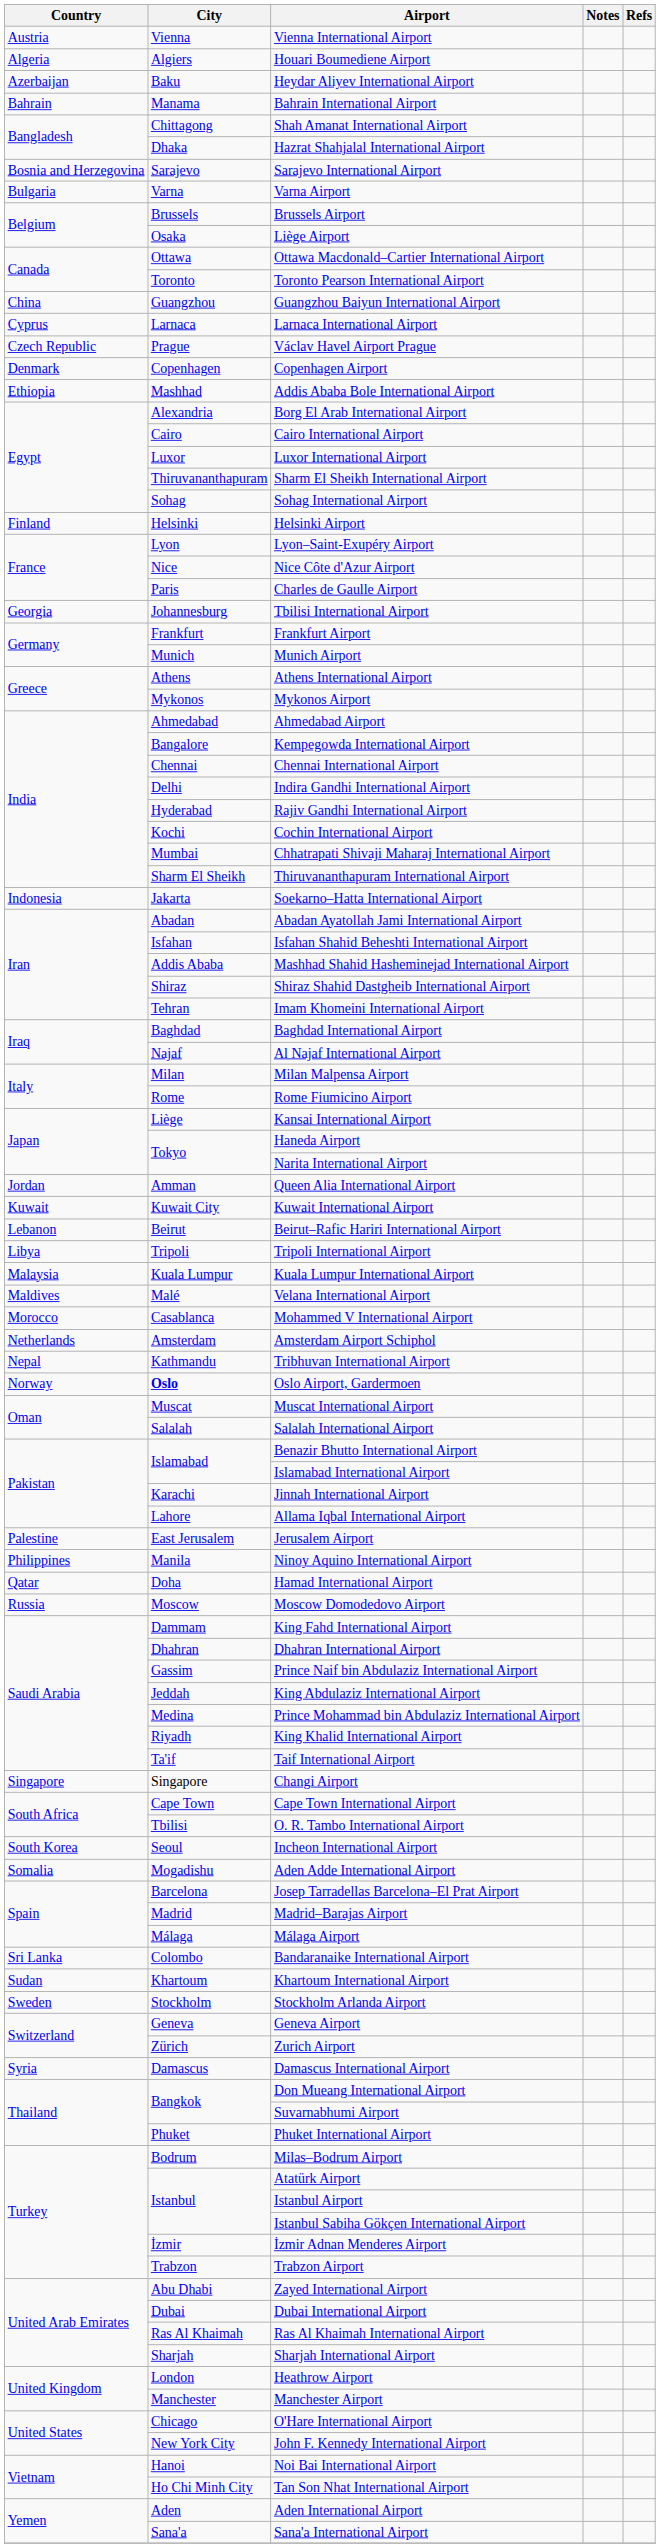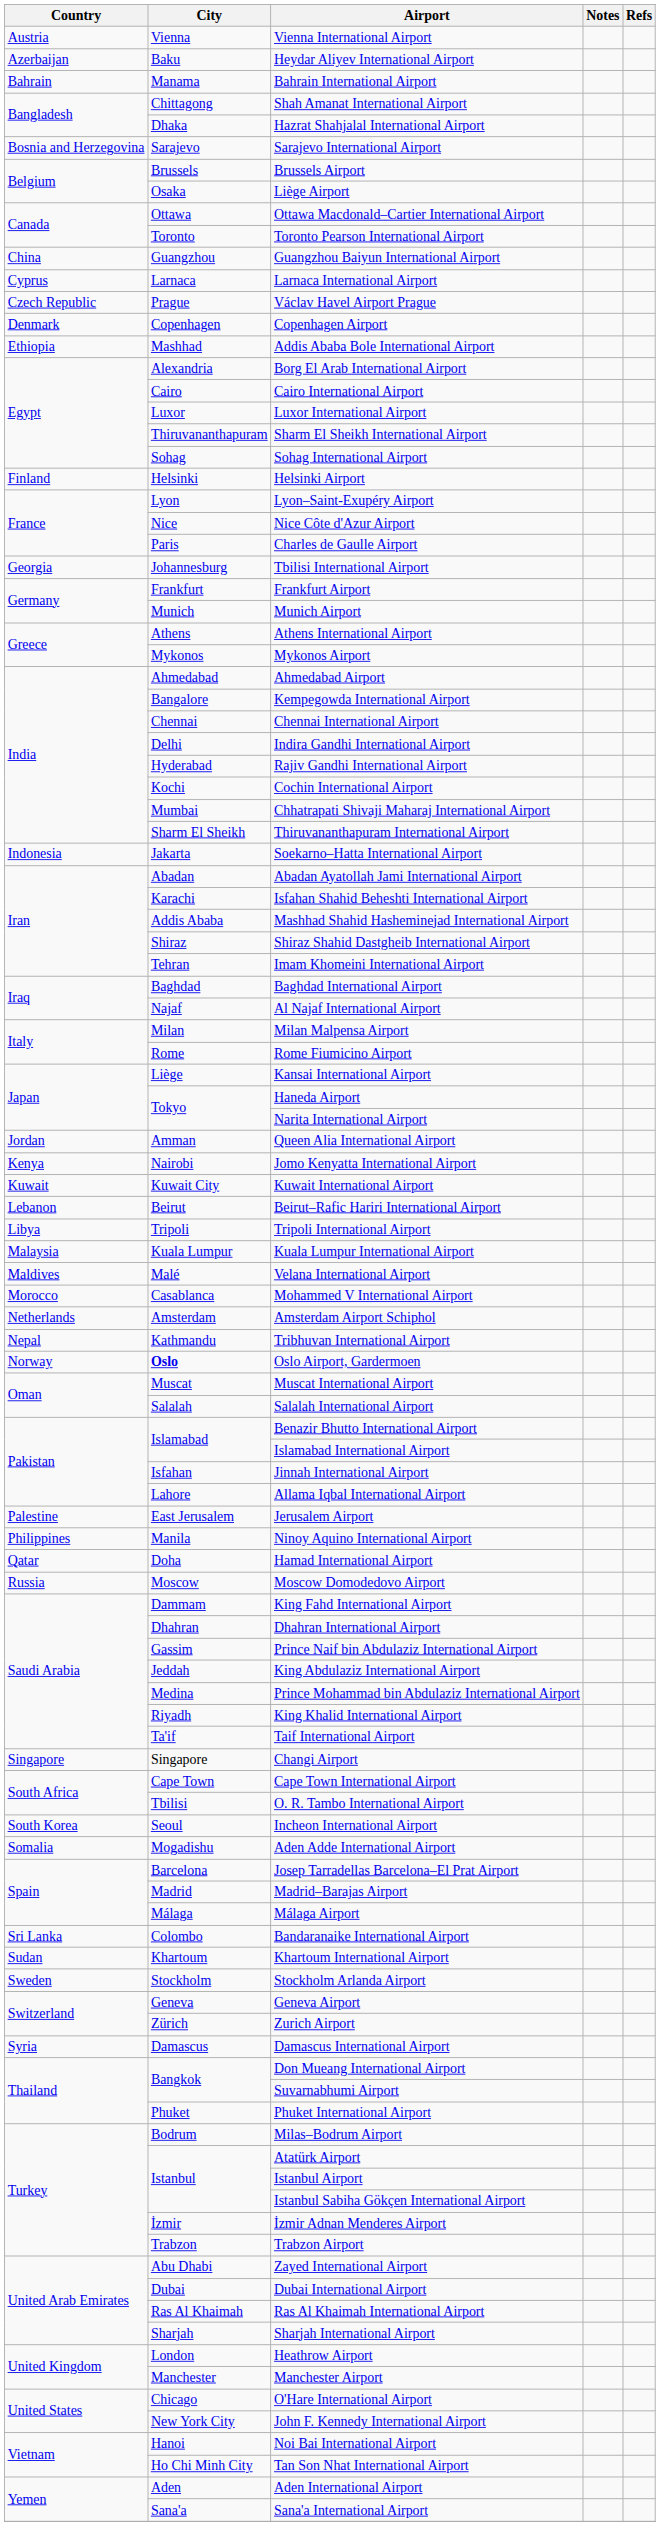 <table class="wikitable sortable">
 <tr>
 <th>Country</th>
 <th>City</th>
 <th>Airport</th>
 <th>Notes</th>
 <th class="unsortable">Refs</th>
 </tr>
 <tr>
 <td><a href='#'>Austria</a></td>
 <td><a href='#'>Vienna</a></td>
 <td><a href='#'>Vienna International Airport</a></td>
-<td></td>
-<td align=center></td>
-</tr>
-<tr>
-<td><a href='#'>Algeria</a></td>
-<td><a href='#'>Algiers</a></td>
-<td><a href='#'>Houari Boumediene Airport</a></td>
 <td></td>
 <td align=center></td>
 </tr>
 <tr>
 <td><a href='#'>Azerbaijan</a></td>
 <td><a href='#'>Baku</a></td>
 <td><a href='#'>Heydar Aliyev International Airport</a></td>
 <td align=center></td>
 <td align=center></td>
 </tr>
 <tr>
 <td><a href='#'>Bahrain</a></td>
 <td><a href='#'>Manama</a></td>
 <td><a href='#'>Bahrain International Airport</a></td>
 <td align=center></td>
 <td align=center></td>
 </tr>
 <tr>
 <td rowspan="2"><a href='#'>Bangladesh</a></td>
 <td><a href='#'>Chittagong</a></td>
 <td><a href='#'>Shah Amanat International Airport</a></td>
 <td></td>
 <td align=center></td>
 </tr>
 <tr>
 <td><a href='#'>Dhaka</a></td>
 <td><a href='#'>Hazrat Shahjalal International Airport</a></td>
 <td align=center></td>
 <td align=center></td>
 </tr>
 <tr>
 <td><a href='#'>Bosnia and Herzegovina</a></td>
 <td><a href='#'>Sarajevo</a></td>
 <td><a href='#'>Sarajevo International Airport</a></td>
-<td></td>
-<td align=center></td>
-</tr>
-<tr>
-<td><a href='#'>Bulgaria</a></td>
-<td><a href='#'>Varna</a></td>
-<td><a href='#'>Varna Airport</a></td>
 <td></td>
 <td align=center></td>
 </tr>
 <tr>
 <td rowspan="2"><a href='#'>Belgium</a></td>
 <td><a href='#'>Brussels</a></td>
 <td><a href='#'>Brussels Airport</a></td>
 <td></td>
 <td align=center></td>
 </tr>
 <tr>
 <td><a href='#'>Osaka</a></td>
 <td><a href='#'>Liège Airport</a></td>
 <td></td>
 <td align=center></td>
 </tr>
 <tr>
 <td rowspan="2"><a href='#'>Canada</a></td>
 <td><a href='#'>Ottawa</a></td>
 <td><a href='#'>Ottawa Macdonald–Cartier International Airport</a></td>
 <td></td>
 <td align=center></td>
 </tr>
 <tr>
 <td><a href='#'>Toronto</a></td>
 <td><a href='#'>Toronto Pearson International Airport</a></td>
 <td></td>
 <td align=center></td>
 </tr>
 <tr>
 <td><a href='#'>China</a></td>
 <td><a href='#'>Guangzhou</a></td>
 <td><a href='#'>Guangzhou Baiyun International Airport</a></td>
 <td align=center></td>
 <td align=center></td>
 </tr>
 <tr>
 <td><a href='#'>Cyprus</a></td>
 <td><a href='#'>Larnaca</a></td>
 <td><a href='#'>Larnaca International Airport</a></td>
 <td></td>
 <td align=center></td>
 </tr>
 <tr>
 <td><a href='#'>Czech Republic</a></td>
 <td><a href='#'>Prague</a></td>
 <td><a href='#'>Václav Havel Airport Prague</a></td>
 <td></td>
 <td align=center></td>
 </tr>
 <tr>
 <td><a href='#'>Denmark</a></td>
 <td><a href='#'>Copenhagen</a></td>
 <td><a href='#'>Copenhagen Airport</a></td>
 <td></td>
 <td align=center></td>
 </tr>
 <tr>
 <td><a href='#'>Ethiopia</a></td>
 <td><a href='#'>Mashhad</a></td>
 <td><a href='#'>Addis Ababa Bole International Airport</a></td>
 <td align=center></td>
 <td align=center></td>
 </tr>
 <tr>
 <td rowspan="5"><a href='#'>Egypt</a></td>
 <td><a href='#'>Alexandria</a></td>
 <td><a href='#'>Borg El Arab International Airport</a></td>
 <td></td>
 <td align=center></td>
 </tr>
 <tr>
 <td><a href='#'>Cairo</a></td>
 <td><a href='#'>Cairo International Airport</a></td>
 <td align=center></td>
 <td align=center></td>
 </tr>
 <tr>
 <td><a href='#'>Luxor</a></td>
 <td><a href='#'>Luxor International Airport</a></td>
 <td></td>
 <td align=center></td>
 </tr>
 <tr>
 <td><a href='#'>Thiruvananthapuram</a></td>
 <td><a href='#'>Sharm El Sheikh International Airport</a></td>
 <td></td>
 <td align=center></td>
 </tr>
 <tr>
 <td><a href='#'>Sohag</a></td>
 <td><a href='#'>Sohag International Airport</a></td>
 <td align=center></td>
 <td align=center></td>
 </tr>
 <tr>
 <td><a href='#'>Finland</a></td>
 <td><a href='#'>Helsinki</a></td>
 <td><a href='#'>Helsinki Airport</a></td>
 <td></td>
 <td align=center></td>
 </tr>
 <tr>
 <td rowspan="3"><a href='#'>France</a></td>
 <td><a href='#'>Lyon</a></td>
 <td><a href='#'>Lyon–Saint-Exupéry Airport</a></td>
 <td></td>
 <td align=center></td>
 </tr>
 <tr>
 <td><a href='#'>Nice</a></td>
 <td><a href='#'>Nice Côte d'Azur Airport</a></td>
 <td></td>
 <td align=center></td>
 </tr>
 <tr>
 <td><a href='#'>Paris</a></td>
 <td><a href='#'>Charles de Gaulle  Airport</a></td>
 <td align=center></td>
 <td align=center></td>
 </tr>
 <tr>
 <td><a href='#'>Georgia</a></td>
 <td><a href='#'>Johannesburg</a></td>
 <td><a href='#'>Tbilisi International Airport</a></td>
 <td align=center></td>
 <td align=center></td>
 </tr>
 <tr>
 <td rowspan="2"><a href='#'>Germany</a></td>
 <td><a href='#'>Frankfurt</a></td>
 <td><a href='#'>Frankfurt Airport</a></td>
 <td align=center></td>
 <td align=center></td>
 </tr>
 <tr>
 <td><a href='#'>Munich</a></td>
 <td><a href='#'>Munich Airport</a></td>
 <td align=center></td>
 <td align=center></td>
 </tr>
 <tr>
 <td rowspan="2"><a href='#'>Greece</a></td>
 <td><a href='#'>Athens</a></td>
 <td><a href='#'>Athens International Airport</a></td>
 <td align=center></td>
 <td align=center></td>
 </tr>
 <tr>
 <td><a href='#'>Mykonos</a></td>
 <td><a href='#'>Mykonos Airport</a></td>
 <td></td>
 <td align=center></td>
 </tr>
 <tr>
 <td rowspan="8"><a href='#'>India</a></td>
 <td><a href='#'>Ahmedabad</a></td>
 <td><a href='#'>Ahmedabad Airport</a></td>
 <td align=center></td>
 <td align=center></td>
 </tr>
 <tr>
 <td><a href='#'>Bangalore</a></td>
 <td><a href='#'>Kempegowda International Airport</a></td>
 <td align=center></td>
 <td align=center></td>
 </tr>
 <tr>
 <td><a href='#'>Chennai</a></td>
 <td><a href='#'>Chennai International Airport</a></td>
 <td align=center></td>
 <td align=center></td>
 </tr>
 <tr>
 <td><a href='#'>Delhi</a></td>
 <td><a href='#'>Indira Gandhi International Airport</a></td>
 <td align=center></td>
 <td align=center></td>
 </tr>
 <tr>
 <td><a href='#'>Hyderabad</a></td>
 <td><a href='#'>Rajiv Gandhi International Airport</a></td>
 <td align=center></td>
 <td align=center></td>
 </tr>
 <tr>
 <td><a href='#'>Kochi</a></td>
 <td><a href='#'>Cochin International Airport</a></td>
 <td align=center></td>
 <td align=center></td>
 </tr>
 <tr>
 <td><a href='#'>Mumbai</a></td>
 <td><a href='#'>Chhatrapati Shivaji Maharaj International Airport</a></td>
 <td align=center></td>
 <td align=center></td>
 </tr>
 <tr>
 <td><a href='#'>Sharm El Sheikh</a></td>
 <td><a href='#'>Thiruvananthapuram International Airport</a></td>
 <td align=center></td>
 <td align=center></td>
 </tr>
 <tr>
 <td><a href='#'>Indonesia</a></td>
 <td><a href='#'>Jakarta</a></td>
 <td><a href='#'>Soekarno–Hatta International Airport</a></td>
 <td></td>
 <td align=center></td>
 </tr>
 <tr>
 <td rowspan="5"><a href='#'>Iran</a></td>
 <td><a href='#'>Abadan</a></td>
 <td><a href='#'>Abadan Ayatollah Jami International Airport</a></td>
 <td></td>
 <td align=center></td>
 </tr>
 <tr>
-<td><a href='#'>Isfahan</a></td>
+<td><a href='#'>Karachi</a></td>
 <td><a href='#'>Isfahan Shahid Beheshti International Airport </a></td>
 <td></td>
 <td align=center></td>
 </tr>
 <tr>
 <td><a href='#'>Addis Ababa</a></td>
 <td><a href='#'>Mashhad Shahid Hasheminejad International Airport</a></td>
 <td align=center></td>
 <td align=center></td>
 </tr>
 <tr>
 <td><a href='#'>Shiraz</a></td>
 <td><a href='#'>Shiraz Shahid Dastgheib International Airport</a></td>
 <td align=center></td>
 <td align=center></td>
 </tr>
 <tr>
 <td><a href='#'>Tehran</a></td>
 <td><a href='#'>Imam Khomeini International Airport</a></td>
 <td align=center></td>
 <td align=center></td>
 </tr>
 <tr>
 <td rowspan="2"><a href='#'>Iraq</a></td>
 <td><a href='#'>Baghdad</a></td>
 <td><a href='#'>Baghdad International Airport</a></td>
 <td></td>
 <td align=center></td>
 </tr>
 <tr>
 <td><a href='#'>Najaf</a></td>
 <td><a href='#'>Al Najaf International Airport</a></td>
 <td align=center></td>
 <td align=center></td>
 </tr>
 <tr>
 <td rowspan="2"><a href='#'>Italy</a></td>
 <td><a href='#'>Milan</a></td>
 <td><a href='#'>Milan Malpensa Airport</a></td>
 <td align=center></td>
 <td align=center></td>
 </tr>
 <tr>
 <td><a href='#'>Rome</a></td>
 <td><a href='#'>Rome Fiumicino Airport</a></td>
 <td align=center></td>
 <td align=center></td>
 </tr>
 <tr>
 <td rowspan="3"><a href='#'>Japan</a></td>
 <td><a href='#'>Liège</a></td>
 <td><a href='#'>Kansai International Airport</a></td>
 <td></td>
 <td align=center></td>
 </tr>
 <tr>
 <td rowspan="2"><a href='#'>Tokyo</a></td>
 <td><a href='#'>Haneda Airport</a></td>
 <td></td>
 <td align=center></td>
 </tr>
 <tr>
 <td><a href='#'>Narita International Airport</a></td>
 <td></td>
 <td align=center></td>
 </tr>
 <tr>
 <td><a href='#'>Jordan</a></td>
 <td><a href='#'>Amman</a></td>
 <td><a href='#'>Queen Alia International Airport</a></td>
 <td align=center></td>
 <td align=center></td>
+</tr>
+<tr>
+<td><a href='#'>Kenya</a></td>
+<td><a href='#'>Nairobi</a></td>
+<td><a href='#'>Jomo Kenyatta International Airport</a></td>
+<td></td>
+<td align="center"></td>
 </tr>
 <tr>
 <td><a href='#'>Kuwait</a></td>
 <td><a href='#'>Kuwait City</a></td>
 <td><a href='#'>Kuwait International Airport</a></td>
 <td></td>
 <td align=center></td>
 </tr>
 <tr>
 <td><a href='#'>Lebanon</a></td>
 <td><a href='#'>Beirut</a></td>
 <td><a href='#'>Beirut–Rafic Hariri International Airport</a></td>
 <td align=center></td>
 <td align=center></td>
 </tr>
 <tr>
 <td><a href='#'>Libya</a></td>
 <td><a href='#'>Tripoli</a></td>
 <td><a href='#'>Tripoli International Airport</a></td>
 <td></td>
 <td align=center></td>
 </tr>
 <tr>
 <td><a href='#'>Malaysia</a></td>
 <td><a href='#'>Kuala Lumpur</a></td>
 <td><a href='#'>Kuala Lumpur International Airport</a></td>
 <td align=center></td>
 <td></td>
 </tr>
 <tr>
 <td><a href='#'>Maldives</a></td>
 <td><a href='#'>Malé</a></td>
 <td><a href='#'>Velana International Airport</a></td>
 <td align=center></td>
 <td align=center></td>
 </tr>
 <tr>
 <td><a href='#'>Morocco</a></td>
 <td><a href='#'>Casablanca</a></td>
 <td><a href='#'>Mohammed V International Airport</a></td>
 <td align=center></td>
 <td align=center></td>
 </tr>
 <tr>
 <td><a href='#'>Netherlands</a></td>
 <td><a href='#'>Amsterdam</a></td>
 <td><a href='#'>Amsterdam Airport Schiphol</a></td>
 <td align=center></td>
 <td align=center></td>
 </tr>
 <tr>
 <td><a href='#'>Nepal</a></td>
 <td><a href='#'>Kathmandu</a></td>
 <td><a href='#'>Tribhuvan International Airport</a></td>
 <td align=center></td>
 <td align=center></td>
 </tr>
 <tr>
 <td><a href='#'>Norway</a></td>
 <td><strong><a href='#'>Oslo</a></strong></td>
 <td><a href='#'>Oslo Airport, Gardermoen</a></td>
 <td></td>
 <td align=center></td>
 </tr>
 <tr>
 <td rowspan="2"><a href='#'>Oman</a></td>
 <td><a href='#'>Muscat</a></td>
 <td><a href='#'>Muscat International Airport</a></td>
 <td></td>
 <td align=center></td>
 </tr>
 <tr>
 <td><a href='#'>Salalah</a></td>
 <td><a href='#'>Salalah International Airport</a></td>
 <td></td>
 <td align=center></td>
 </tr>
 <tr>
 <td rowspan="4"><a href='#'>Pakistan</a></td>
 <td rowspan="2"><a href='#'>Islamabad</a></td>
 <td><a href='#'>Benazir Bhutto International Airport</a></td>
 <td></td>
 <td align=center></td>
 </tr>
 <tr>
 <td><a href='#'>Islamabad International Airport</a></td>
 <td align=center></td>
 <td align=center></td>
 </tr>
 <tr>
-<td><a href='#'>Karachi</a></td>
+<td><a href='#'>Isfahan</a></td>
 <td><a href='#'>Jinnah International Airport</a></td>
 <td></td>
 <td align=center></td>
 </tr>
 <tr>
 <td><a href='#'>Lahore</a></td>
 <td><a href='#'>Allama Iqbal International Airport</a></td>
 <td align=center></td>
 <td align=center></td>
 </tr>
 <tr>
 <td><a href='#'>Palestine</a></td>
 <td><a href='#'>East Jerusalem</a></td>
 <td><a href='#'>Jerusalem Airport</a></td>
 <td></td>
 <td align=center></td>
 </tr>
 <tr>
 <td><a href='#'>Philippines</a></td>
 <td><a href='#'>Manila</a></td>
 <td><a href='#'>Ninoy Aquino International Airport</a></td>
 <td align=center></td>
 <td align=center></td>
 </tr>
 <tr>
 <td><a href='#'>Qatar</a></td>
 <td><a href='#'>Doha</a></td>
 <td><a href='#'>Hamad International Airport</a></td>
 <td align=center></td>
 <td align=center></td>
 </tr>
 <tr>
 <td><a href='#'>Russia</a></td>
 <td><a href='#'>Moscow</a></td>
 <td><a href='#'>Moscow Domodedovo Airport</a></td>
 <td></td>
 <td align=center></td>
 </tr>
 <tr>
 <td rowspan="7"><a href='#'>Saudi Arabia</a></td>
 <td><a href='#'>Dammam</a></td>
 <td><a href='#'>King Fahd International Airport</a></td>
 <td align=center></td>
 <td align=center></td>
 </tr>
 <tr>
 <td><a href='#'>Dhahran</a></td>
 <td><a href='#'>Dhahran International Airport</a></td>
 <td></td>
 <td align=center></td>
 </tr>
 <tr>
 <td><a href='#'>Gassim</a></td>
 <td><a href='#'>Prince Naif bin Abdulaziz International Airport</a></td>
 <td></td>
 <td align=center></td>
 </tr>
 <tr>
 <td><a href='#'>Jeddah</a></td>
 <td><a href='#'>King Abdulaziz International Airport</a></td>
 <td align=center></td>
 <td align=center></td>
 </tr>
 <tr>
 <td><a href='#'>Medina</a></td>
 <td><a href='#'>Prince Mohammad bin Abdulaziz International Airport</a></td>
 <td align=center></td>
 <td align=center></td>
 </tr>
 <tr>
 <td><a href='#'>Riyadh</a></td>
 <td><a href='#'>King Khalid International Airport</a></td>
 <td align=center></td>
 <td align=center></td>
 </tr>
 <tr>
 <td><a href='#'>Ta'if</a></td>
 <td><a href='#'>Taif International Airport</a></td>
 <td></td>
 <td align=center></td>
 </tr>
 <tr>
 <td><a href='#'>Singapore</a></td>
 <td>Singapore</td>
 <td><a href='#'>Changi Airport</a></td>
 <td></td>
 <td align=center></td>
 </tr>
 <tr>
 <td rowspan="2"><a href='#'>South Africa</a></td>
 <td><a href='#'>Cape Town</a></td>
 <td><a href='#'>Cape Town International Airport</a></td>
 <td></td>
 <td align=center></td>
 </tr>
 <tr>
 <td><a href='#'>Tbilisi</a></td>
 <td><a href='#'>O. R. Tambo International Airport</a></td>
 <td></td>
 <td align=center></td>
 </tr>
 <tr>
 <td><a href='#'>South Korea</a></td>
 <td><a href='#'>Seoul</a></td>
 <td><a href='#'>Incheon International Airport</a></td>
 <td></td>
 <td align=center></td>
 </tr>
 <tr>
 <td><a href='#'>Somalia</a></td>
 <td><a href='#'>Mogadishu</a></td>
 <td><a href='#'>Aden Adde International Airport</a></td>
 <td></td>
 <td align=center></td>
 </tr>
 <tr>
 <td rowspan="3"><a href='#'>Spain</a></td>
 <td><a href='#'>Barcelona</a></td>
 <td><a href='#'>Josep Tarradellas Barcelona–El Prat Airport</a></td>
 <td align=center></td>
 <td align=center></td>
 </tr>
 <tr>
 <td><a href='#'>Madrid</a></td>
 <td><a href='#'>Madrid–Barajas Airport</a></td>
 <td align=center></td>
 <td align=center></td>
 </tr>
 <tr>
 <td><a href='#'>Málaga</a></td>
 <td><a href='#'>Málaga Airport</a></td>
 <td></td>
 <td align=center></td>
 </tr>
 <tr>
 <td><a href='#'>Sri Lanka</a></td>
 <td><a href='#'>Colombo</a></td>
 <td><a href='#'>Bandaranaike International Airport</a></td>
 <td></td>
 <td align=center></td>
 </tr>
 <tr>
 <td><a href='#'>Sudan</a></td>
 <td><a href='#'>Khartoum</a></td>
 <td><a href='#'>Khartoum International Airport</a></td>
 <td></td>
 <td align=center></td>
 </tr>
 <tr>
 <td><a href='#'>Sweden</a></td>
 <td><a href='#'>Stockholm</a></td>
 <td><a href='#'>Stockholm Arlanda Airport</a></td>
 <td></td>
 <td align=center></td>
 </tr>
 <tr>
 <td rowspan="2"><a href='#'>Switzerland</a></td>
 <td><a href='#'>Geneva</a></td>
 <td><a href='#'>Geneva Airport</a></td>
 <td align=center></td>
 <td align=center></td>
 </tr>
 <tr>
 <td><a href='#'>Zürich</a></td>
 <td><a href='#'>Zurich Airport</a></td>
 <td></td>
 <td align=center></td>
 </tr>
 <tr>
 <td><a href='#'>Syria</a></td>
 <td><a href='#'>Damascus</a></td>
 <td><a href='#'>Damascus International Airport</a></td>
 <td></td>
 <td align=center></td>
 </tr>
 <tr>
 <td rowspan="3"><a href='#'>Thailand</a></td>
 <td rowspan="2"><a href='#'>Bangkok</a></td>
 <td><a href='#'>Don Mueang International Airport</a></td>
 <td></td>
 <td align=center></td>
 </tr>
 <tr>
 <td><a href='#'>Suvarnabhumi Airport</a></td>
 <td align=center></td>
 <td align=center></td>
 </tr>
 <tr>
 <td><a href='#'>Phuket</a></td>
 <td><a href='#'>Phuket International Airport</a></td>
 <td></td>
 <td align=center></td>
 </tr>
 <tr>
 <td rowspan="6"><a href='#'>Turkey</a></td>
 <td><a href='#'>Bodrum</a></td>
 <td><a href='#'>Milas–Bodrum Airport</a></td>
 <td></td>
 <td align=center></td>
 </tr>
 <tr>
 <td rowspan="3"><a href='#'>Istanbul</a></td>
 <td><a href='#'>Atatürk Airport</a></td>
 <td></td>
 <td align=center></td>
 </tr>
 <tr>
 <td><a href='#'>Istanbul Airport</a></td>
 <td align=center></td>
 <td align=center></td>
 </tr>
 <tr>
 <td><a href='#'>Istanbul Sabiha Gökçen International Airport</a></td>
 <td align=center></td>
 <td align=center></td>
 </tr>
 <tr>
 <td><a href='#'>İzmir</a></td>
 <td><a href='#'>İzmir Adnan Menderes Airport</a></td>
 <td></td>
 <td align=center></td>
 </tr>
 <tr>
 <td><a href='#'>Trabzon</a></td>
 <td><a href='#'>Trabzon Airport</a></td>
 <td></td>
 <td align=center></td>
 </tr>
 <tr>
 <td rowspan="4"><a href='#'>United Arab Emirates</a></td>
 <td><a href='#'>Abu Dhabi</a></td>
 <td><a href='#'>Zayed International Airport</a></td>
 <td align=center></td>
 <td align=center></td>
 </tr>
 <tr>
 <td><a href='#'>Dubai</a></td>
 <td><a href='#'>Dubai International Airport</a></td>
 <td align=center></td>
 <td align=center></td>
 </tr>
 <tr>
 <td><a href='#'>Ras Al Khaimah</a></td>
 <td><a href='#'>Ras Al Khaimah International Airport</a></td>
 <td></td>
 <td align=center></td>
 </tr>
 <tr>
 <td><a href='#'>Sharjah</a></td>
 <td><a href='#'>Sharjah International Airport</a></td>
 <td></td>
 <td align=center></td>
 </tr>
 <tr>
 <td rowspan="2"><a href='#'>United Kingdom</a></td>
 <td><a href='#'>London</a></td>
 <td><a href='#'>Heathrow Airport</a></td>
 <td align=center></td>
 <td align=center></td>
 </tr>
 <tr>
 <td><a href='#'>Manchester</a></td>
 <td><a href='#'>Manchester Airport</a></td>
 <td align=center></td>
 <td align=center></td>
 </tr>
 <tr>
 <td rowspan="2"><a href='#'>United States</a></td>
 <td><a href='#'>Chicago</a></td>
 <td><a href='#'>O'Hare International Airport</a></td>
 <td></td>
 <td align=center></td>
 </tr>
 <tr>
 <td><a href='#'>New York City</a></td>
 <td><a href='#'>John F. Kennedy International Airport</a></td>
 <td align=center></td>
 <td align=center></td>
 </tr>
 <tr>
 <td rowspan="2"><a href='#'>Vietnam</a></td>
 <td><a href='#'>Hanoi</a></td>
 <td><a href='#'>Noi Bai International Airport</a></td>
 <td></td>
 <td align=center></td>
 </tr>
 <tr>
 <td><a href='#'>Ho Chi Minh City</a></td>
 <td><a href='#'>Tan Son Nhat International Airport</a></td>
 <td></td>
 <td align=center></td>
 </tr>
 <tr>
 <td rowspan="2"><a href='#'>Yemen</a></td>
 <td><a href='#'>Aden</a></td>
 <td><a href='#'>Aden International Airport</a></td>
 <td></td>
 <td align=center></td>
 </tr>
 <tr>
 <td><a href='#'>Sana'a</a></td>
 <td><a href='#'>Sana'a International Airport</a></td>
 <td></td>
 <td align=center></td>
 </tr>
 <tr>
 </tr>
 </table>
